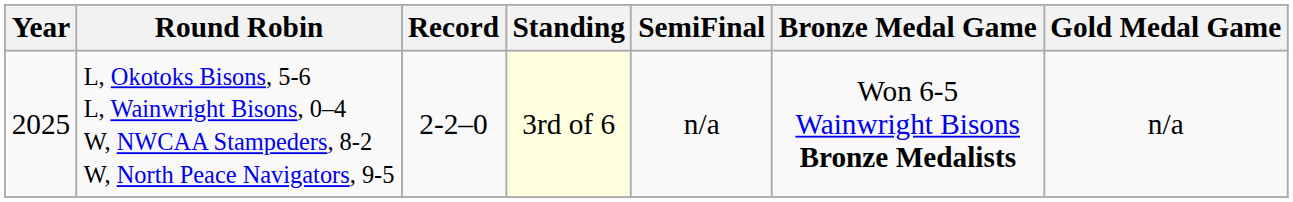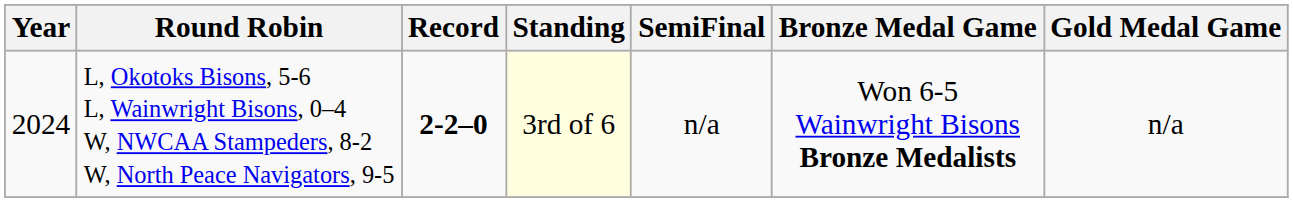 <table class="wikitable" style="text-align:center">
 <tr>
 <th>Year</th>
 <th>Round Robin</th>
 <th>Record</th>
 <th>Standing</th>
 <th>SemiFinal</th>
 <th>Bronze Medal Game</th>
 <th>Gold Medal Game</th>
 </tr>
 <tr>
-<td>2025</td>
+<td>2024</td>
 <td align=left><small> L, <a href='#'>Okotoks Bisons</a>, 5-6<br>L, <a href='#'>Wainwright Bisons</a>, 0–4<br>W, <a href='#'>NWCAA Stampeders</a>, 8-2<br>W, <a href='#'>North Peace Navigators</a>, 9-5<br></small></td>
-<td>2-2–0</td>
+<td><strong>2-2–0</strong></td>
 <td style="background: lightyellow;">3rd of 6</td>
 <td>n/a</td>
 <td>Won 6-5<br><a href='#'>Wainwright Bisons</a><br><strong>Bronze Medalists</strong></td>
 <td>n/a</td>
 </tr>
 </table>
